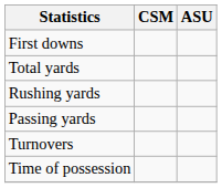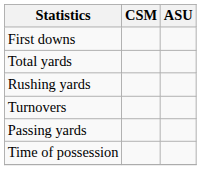 <table class="wikitable">
 <tr>
 <th>Statistics</th>
 <th>CSM</th>
 <th>ASU</th>
 </tr>
 <tr>
 <td>First downs</td>
 <td></td>
 <td></td>
 </tr>
 <tr>
 <td>Total yards</td>
 <td></td>
 <td></td>
 </tr>
 <tr>
 <td>Rushing yards</td>
 <td></td>
 <td></td>
 </tr>
 <tr>
-<td>Passing yards</td>
+<td>Turnovers</td>
 <td></td>
 <td></td>
 </tr>
 <tr>
-<td>Turnovers</td>
+<td>Passing yards</td>
 <td></td>
 <td></td>
 </tr>
 <tr>
 <td>Time of possession</td>
 <td></td>
 <td></td>
 </tr>
 <tr>
 </tr>
 </table>
